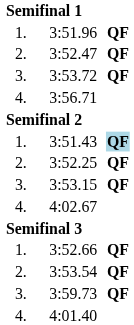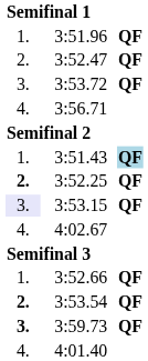 <table style="text-align:center">
 <tr>
 <td colspan=4 align=left><strong>Semifinal 1</strong></td>
 </tr>
 <tr>
 <td width=30>1.</td>
 <td align=left></td>
 <td width=60>3:51.96</td>
 <td><strong>QF</strong></td>
 </tr>
 <tr>
 <td>2.</td>
 <td align=left></td>
 <td>3:52.47</td>
 <td><strong>QF</strong></td>
 </tr>
 <tr>
 <td>3.</td>
 <td align=left></td>
 <td>3:53.72</td>
 <td><strong>QF</strong></td>
 </tr>
 <tr>
 <td>4.</td>
 <td align=left></td>
 <td>3:56.71</td>
 <td></td>
 </tr>
 <tr>
 <td colspan=4 align=left><strong>Semifinal 2</strong></td>
 </tr>
 <tr>
 <td>1.</td>
 <td align=left></td>
 <td>3:51.43</td>
 <td style="background: lightblue;"><strong>QF</strong></td>
 </tr>
 <tr>
-<td>2.</td>
+<td><strong>2.</strong></td>
 <td align=left></td>
 <td>3:52.25</td>
 <td><strong>QF</strong></td>
 </tr>
 <tr>
-<td>3.</td>
+<td style="background: lavender;">3.</td>
 <td align=left></td>
 <td>3:53.15</td>
 <td><strong>QF</strong></td>
 </tr>
 <tr>
 <td>4.</td>
 <td align=left></td>
 <td>4:02.67</td>
 <td></td>
 </tr>
 <tr>
 <td colspan=4 align=left><strong>Semifinal 3</strong></td>
 </tr>
 <tr>
 <td>1.</td>
 <td align=left></td>
 <td>3:52.66</td>
 <td><strong>QF</strong></td>
 </tr>
 <tr>
-<td>2.</td>
+<td><strong>2.</strong></td>
 <td align=left></td>
 <td>3:53.54</td>
 <td><strong>QF</strong></td>
 </tr>
 <tr>
-<td>3.</td>
+<td><strong>3.</strong></td>
 <td align=left></td>
 <td>3:59.73</td>
 <td><strong>QF</strong></td>
 </tr>
 <tr>
 <td>4.</td>
 <td align=left></td>
 <td>4:01.40</td>
 <td></td>
 </tr>
 </table>
